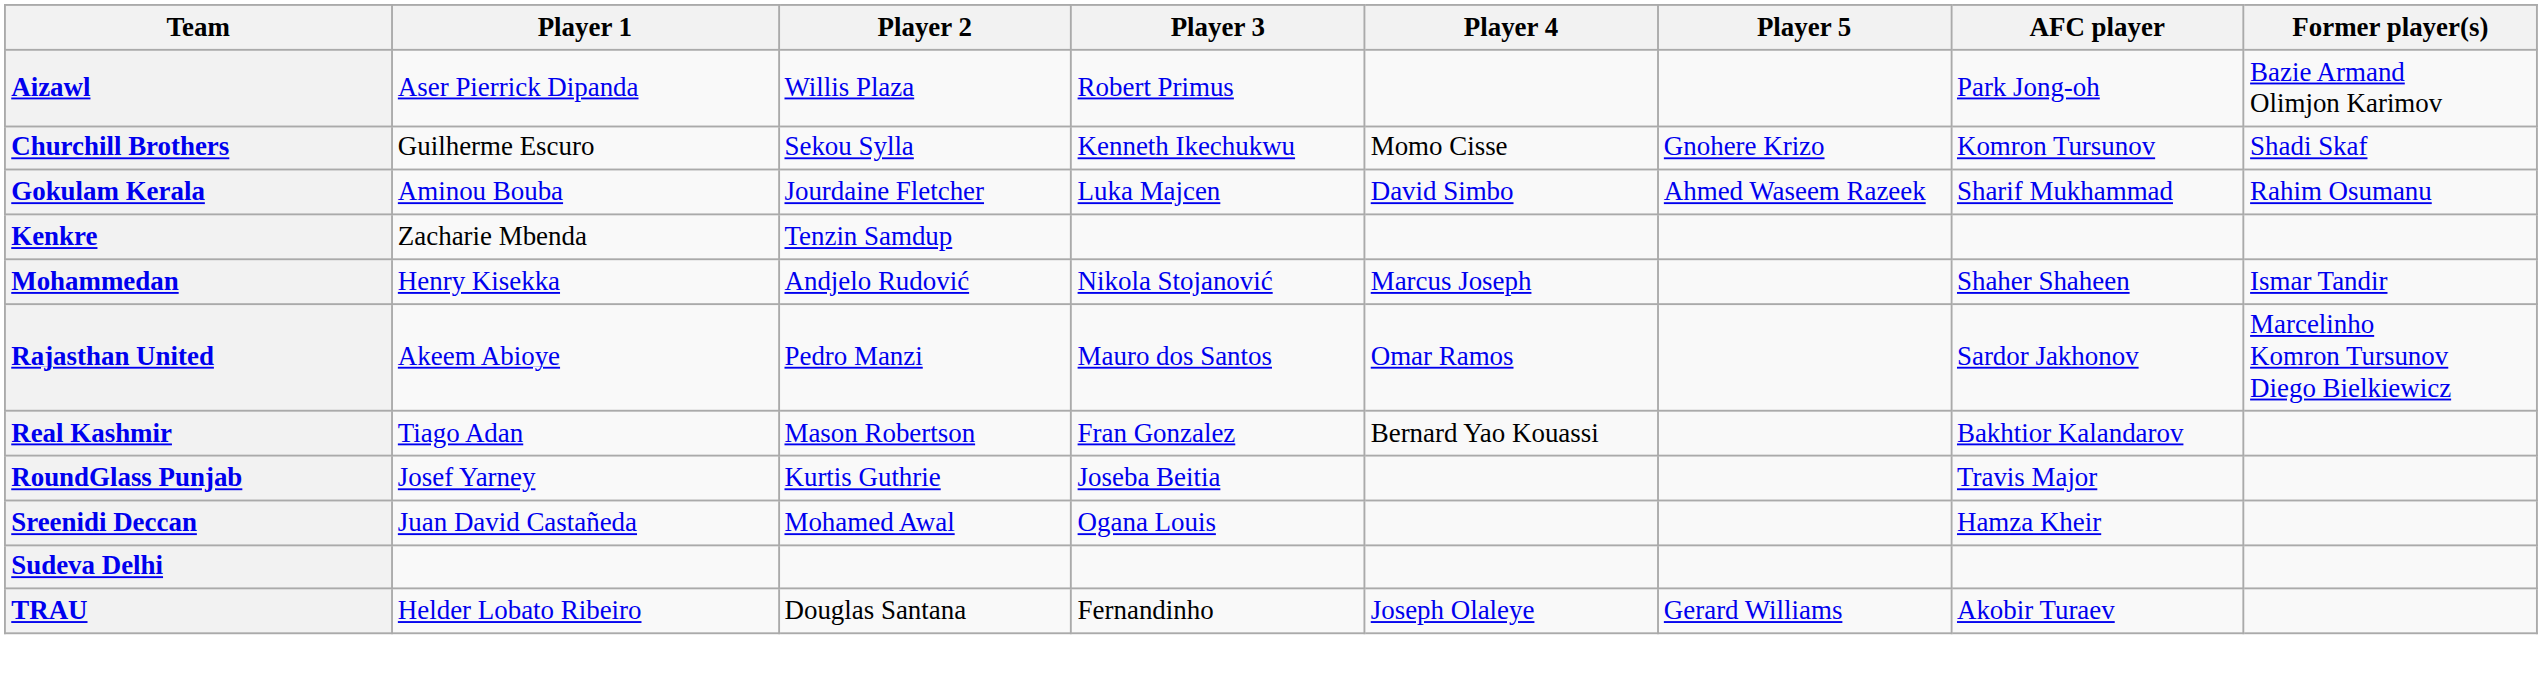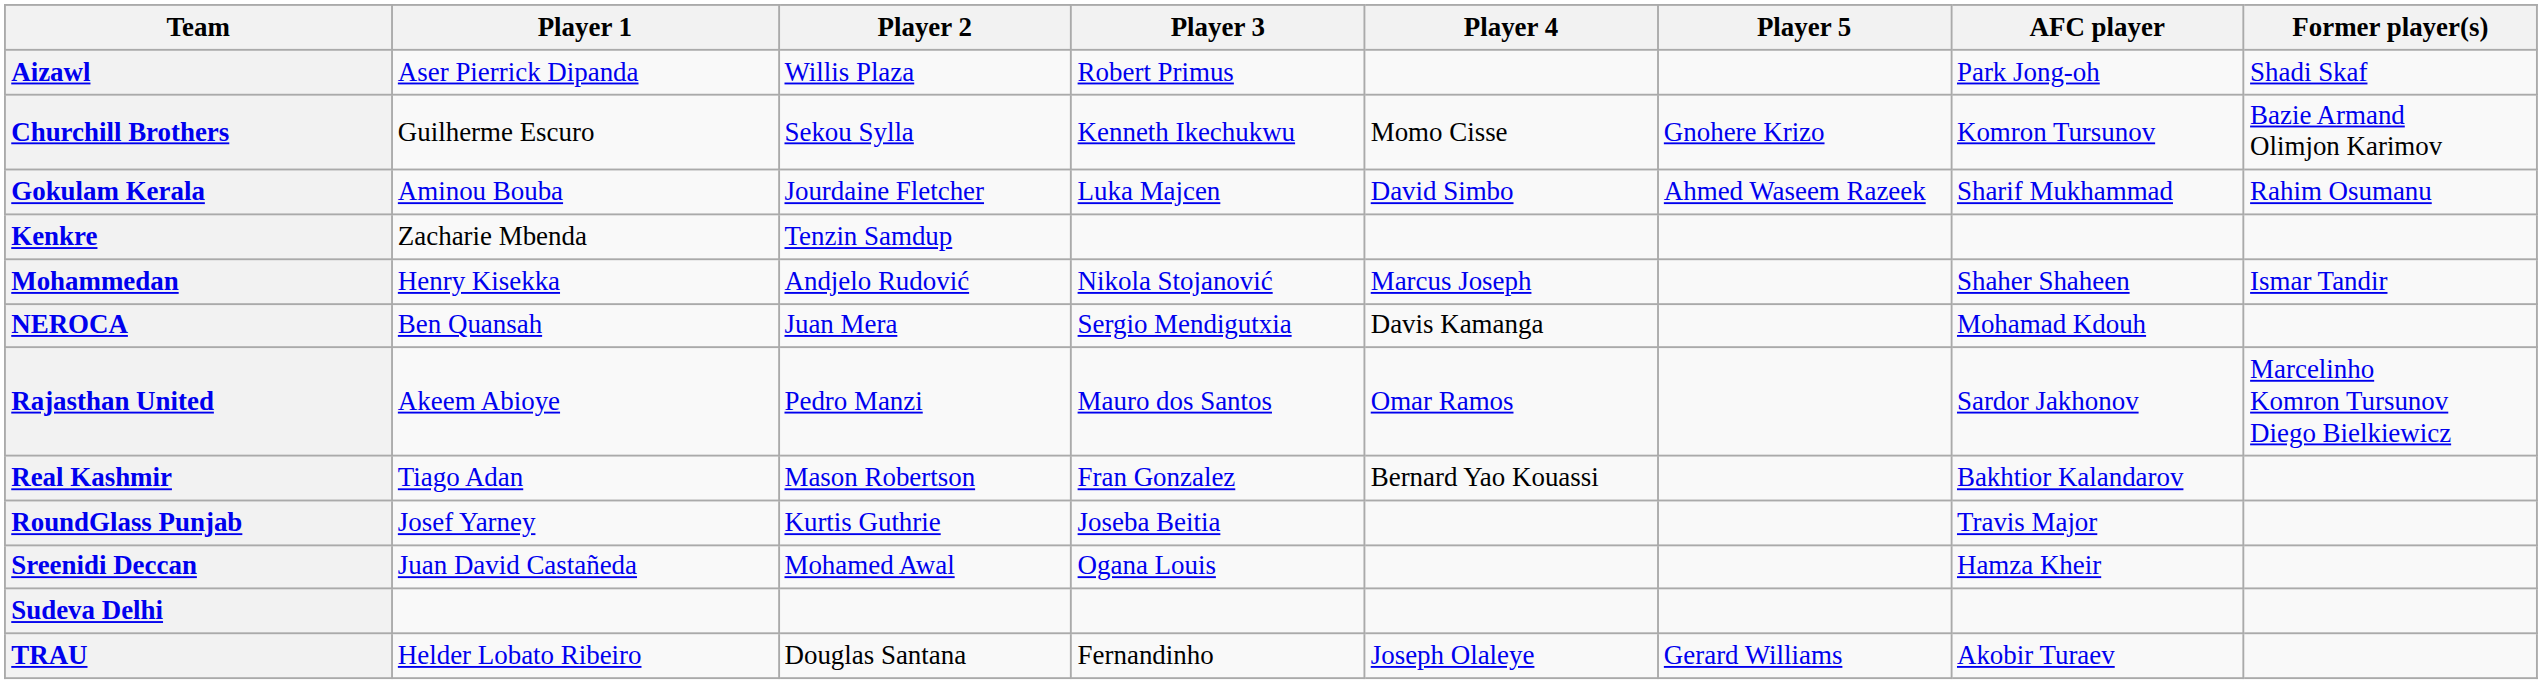 <table class="wikitable" style="font-size:90%">
 <tr>
 <th scope=col width="200">Team</th>
 <th scope=col width="200">Player 1</th>
 <th scope=col width="150">Player 2</th>
 <th scope=col width="150">Player 3</th>
 <th scope=col width="150">Player 4</th>
 <th scope=col width="150">Player 5</th>
 <th scope=col width="150">AFC player</th>
 <th scope=col width="150">Former player(s)</th>
 </tr>
 <tr>
 <th scope=row style="text-align: left;"><a href='#'>Aizawl</a></th>
 <td> <a href='#'>Aser Pierrick Dipanda</a></td>
 <td> <a href='#'>Willis Plaza</a></td>
 <td> <a href='#'>Robert Primus</a></td>
 <td></td>
 <td></td>
 <td> <a href='#'>Park Jong-oh</a></td>
-<td> <a href='#'>Bazie Armand</a><br> Olimjon Karimov</td>
+<td> <a href='#'>Shadi Skaf</a></td>
 </tr>
 <tr>
 <th scope=row style="text-align: left;"><a href='#'>Churchill Brothers</a></th>
 <td> Guilherme Escuro</td>
 <td> <a href='#'>Sekou Sylla</a></td>
 <td> <a href='#'>Kenneth Ikechukwu</a></td>
 <td> Momo Cisse</td>
 <td> <a href='#'>Gnohere Krizo</a></td>
 <td> <a href='#'>Komron Tursunov</a></td>
-<td> <a href='#'>Shadi Skaf</a></td>
+<td> <a href='#'>Bazie Armand</a><br> Olimjon Karimov</td>
 </tr>
 <tr>
 <th scope=row style="text-align: left;"><a href='#'>Gokulam Kerala</a></th>
 <td> <a href='#'>Aminou Bouba</a></td>
 <td> <a href='#'>Jourdaine Fletcher</a></td>
 <td> <a href='#'>Luka Majcen</a></td>
 <td> <a href='#'>David Simbo</a></td>
 <td> <a href='#'>Ahmed Waseem Razeek</a></td>
 <td> <a href='#'>Sharif Mukhammad</a></td>
 <td> <a href='#'>Rahim Osumanu</a></td>
 </tr>
 <tr>
 <th scope=row style="text-align: left;"><a href='#'>Kenkre</a></th>
 <td> Zacharie Mbenda</td>
 <td> <a href='#'>Tenzin Samdup</a></td>
 <td></td>
 <td></td>
 <td></td>
 <td></td>
 <td></td>
 </tr>
 <tr>
 <th scope=row style="text-align: left;"><a href='#'>Mohammedan</a></th>
 <td> <a href='#'>Henry Kisekka</a></td>
 <td> <a href='#'>Andjelo Rudović</a></td>
 <td> <a href='#'>Nikola Stojanović</a></td>
 <td> <a href='#'>Marcus Joseph</a></td>
 <td></td>
 <td> <a href='#'>Shaher Shaheen</a></td>
 <td> <a href='#'>Ismar Tandir</a></td>
+</tr>
+<tr>
+<th scope=row style="text-align: left;"><a href='#'>NEROCA</a></th>
+<td> <a href='#'>Ben Quansah</a></td>
+<td> <a href='#'>Juan Mera</a></td>
+<td> <a href='#'>Sergio Mendigutxia</a></td>
+<td> Davis Kamanga</td>
+<td></td>
+<td> <a href='#'>Mohamad Kdouh</a></td>
+<td></td>
 </tr>
 <tr>
 <th scope="row" style="text-align: left; "><a href='#'>Rajasthan United</a></th>
 <td> <a href='#'>Akeem Abioye</a></td>
 <td> <a href='#'>Pedro Manzi</a></td>
 <td> <a href='#'>Mauro dos Santos</a></td>
 <td> <a href='#'>Omar Ramos</a></td>
 <td></td>
 <td> <a href='#'>Sardor Jakhonov</a></td>
 <td> <a href='#'>Marcelinho</a><br> <a href='#'>Komron Tursunov</a><br> <a href='#'>Diego Bielkiewicz</a></td>
 </tr>
 <tr>
 <th scope="row" style="text-align: left;"><a href='#'>Real Kashmir</a></th>
 <td> <a href='#'>Tiago Adan</a></td>
 <td> <a href='#'>Mason Robertson</a></td>
 <td> <a href='#'>Fran Gonzalez</a></td>
 <td> Bernard Yao Kouassi</td>
 <td></td>
 <td> <a href='#'>Bakhtior Kalandarov</a></td>
 <td></td>
 </tr>
 <tr>
 <th scope=row style="text-align: left;"><a href='#'>RoundGlass Punjab</a></th>
 <td> <a href='#'>Josef Yarney</a></td>
 <td> <a href='#'>Kurtis Guthrie</a></td>
 <td> <a href='#'>Joseba Beitia</a></td>
 <td></td>
 <td></td>
 <td> <a href='#'>Travis Major</a></td>
 <td></td>
 </tr>
 <tr>
 <th scope=row style="text-align: left;"><a href='#'>Sreenidi Deccan</a></th>
 <td> <a href='#'>Juan David Castañeda</a></td>
 <td> <a href='#'>Mohamed Awal</a></td>
 <td> <a href='#'>Ogana Louis</a></td>
 <td></td>
 <td></td>
 <td> <a href='#'>Hamza Kheir</a></td>
 <td></td>
 </tr>
 <tr>
 <th scope=row style="text-align: left;"><a href='#'>Sudeva Delhi</a></th>
 <td></td>
 <td></td>
 <td></td>
 <td></td>
 <td></td>
 <td></td>
 <td></td>
 </tr>
 <tr>
 <th scope=row style="text-align: left;"><a href='#'>TRAU</a></th>
 <td> <a href='#'>Helder Lobato Ribeiro</a></td>
 <td> Douglas Santana</td>
 <td> Fernandinho</td>
 <td> <a href='#'>Joseph Olaleye</a></td>
 <td> <a href='#'>Gerard Williams</a></td>
 <td> <a href='#'>Akobir Turaev</a></td>
 <td></td>
 </tr>
 </table>
